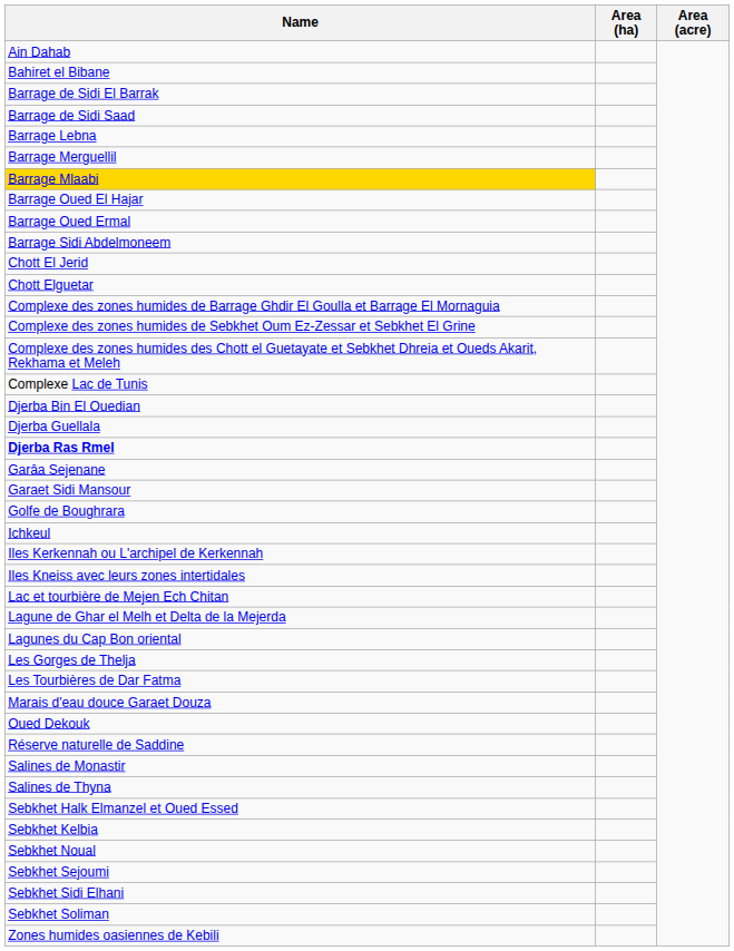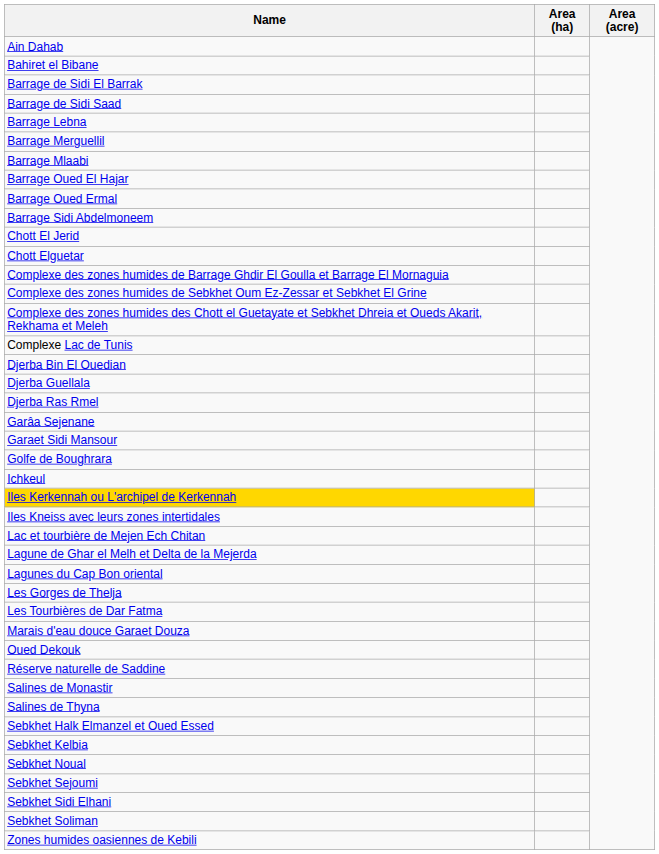 <table class="wikitable sortable">
 <tr>
 <th scope="col" align=left>Name</th>
 <th scope="col">Area (ha)</th>
 <th scope="col">Area (acre)</th>
 </tr>
 <tr ---->
 <td><a href='#'>Ain Dahab</a></td>
 <td></td>
 </tr>
 <tr ---->
 <td><a href='#'>Bahiret el Bibane</a></td>
 <td></td>
 </tr>
 <tr ---->
 <td><a href='#'>Barrage de Sidi El Barrak</a></td>
 <td></td>
 </tr>
 <tr ---->
 <td><a href='#'>Barrage de Sidi Saad</a></td>
 <td></td>
 </tr>
 <tr ---->
 <td><a href='#'>Barrage Lebna</a></td>
 <td></td>
 </tr>
 <tr ---->
 <td><a href='#'>Barrage Merguellil</a></td>
 <td></td>
 </tr>
 <tr ---->
-<td style="background: gold;"><a href='#'>Barrage Mlaabi</a></td>
+<td><a href='#'>Barrage Mlaabi</a></td>
 <td></td>
 </tr>
 <tr ---->
 <td><a href='#'>Barrage Oued El Hajar</a></td>
 <td></td>
 </tr>
 <tr ---->
 <td><a href='#'>Barrage Oued Ermal</a></td>
 <td></td>
 </tr>
 <tr ---->
 <td><a href='#'>Barrage Sidi Abdelmoneem</a></td>
 <td></td>
 </tr>
 <tr ---->
 <td><a href='#'>Chott El Jerid</a></td>
 <td></td>
 </tr>
 <tr ---->
 <td><a href='#'>Chott Elguetar</a></td>
 <td></td>
 </tr>
 <tr ---->
 <td><a href='#'>Complexe des zones humides de Barrage Ghdir El Goulla et Barrage El Mornaguia </a></td>
 <td></td>
 </tr>
 <tr ---->
 <td><a href='#'>Complexe des zones humides de Sebkhet Oum Ez-Zessar et Sebkhet El Grine</a></td>
 <td></td>
 </tr>
 <tr ---->
 <td><a href='#'>Complexe des zones humides des Chott el Guetayate et Sebkhet Dhreia et Oueds Akarit, Rekhama et Meleh</a></td>
 <td></td>
 </tr>
 <tr ---->
 <td>Complexe <a href='#'>Lac de Tunis</a></td>
 <td></td>
 </tr>
 <tr ---->
 <td><a href='#'>Djerba Bin El Ouedian</a></td>
 <td></td>
 </tr>
 <tr ---->
 <td><a href='#'>Djerba Guellala</a></td>
 <td></td>
 </tr>
 <tr ---->
-<td><strong><a href='#'>Djerba Ras Rmel</a></strong></td>
+<td><a href='#'>Djerba Ras Rmel</a></td>
 <td></td>
 </tr>
 <tr ---->
 <td><a href='#'>Garâa Sejenane</a></td>
 <td></td>
 </tr>
 <tr ---->
 <td><a href='#'>Garaet Sidi Mansour</a></td>
 <td></td>
 </tr>
 <tr ---->
 <td><a href='#'>Golfe de Boughrara</a></td>
 <td></td>
 </tr>
 <tr ---->
 <td><a href='#'>Ichkeul</a></td>
 <td></td>
 </tr>
 <tr ---->
-<td><a href='#'>Iles Kerkennah ou L'archipel de Kerkennah</a></td>
+<td style="background: gold;"><a href='#'>Iles Kerkennah ou L'archipel de Kerkennah</a></td>
 <td></td>
 </tr>
 <tr ---->
 <td><a href='#'>Iles Kneiss avec leurs zones intertidales</a></td>
 <td></td>
 </tr>
 <tr ---->
 <td><a href='#'>Lac et tourbière de Mejen Ech Chitan</a></td>
 <td></td>
 </tr>
 <tr ---->
 <td><a href='#'>Lagune de Ghar el Melh et Delta de la Mejerda</a></td>
 <td></td>
 </tr>
 <tr ---->
 <td><a href='#'>Lagunes du Cap Bon oriental</a></td>
 <td></td>
 </tr>
 <tr ---->
 <td><a href='#'>Les Gorges de Thelja</a></td>
 <td></td>
 </tr>
 <tr ---->
 <td><a href='#'>Les Tourbières de Dar Fatma</a></td>
 <td></td>
 </tr>
 <tr ---->
 <td><a href='#'>Marais d'eau douce Garaet Douza</a></td>
 <td></td>
 </tr>
 <tr ---->
 <td><a href='#'>Oued Dekouk</a></td>
 <td></td>
 </tr>
 <tr ---->
 <td><a href='#'>Réserve naturelle de Saddine</a></td>
 <td></td>
 </tr>
 <tr ---->
 <td><a href='#'>Salines de Monastir</a></td>
 <td></td>
 </tr>
 <tr ---->
 <td><a href='#'>Salines de Thyna</a></td>
 <td></td>
 </tr>
 <tr ---->
 <td><a href='#'>Sebkhet Halk Elmanzel et Oued Essed</a></td>
 <td></td>
 </tr>
 <tr ---->
 <td><a href='#'>Sebkhet Kelbia</a></td>
 <td></td>
 </tr>
 <tr ---->
 <td><a href='#'>Sebkhet Noual</a></td>
 <td></td>
 </tr>
 <tr ---->
 <td><a href='#'>Sebkhet Sejoumi</a></td>
 <td></td>
 </tr>
 <tr ---->
 <td><a href='#'>Sebkhet Sidi Elhani</a></td>
 <td></td>
 </tr>
 <tr ---->
 <td><a href='#'>Sebkhet Soliman</a></td>
 <td></td>
 </tr>
 <tr ---->
 <td><a href='#'>Zones humides oasiennes de Kebili</a></td>
 <td></td>
 </tr>
 </table>
